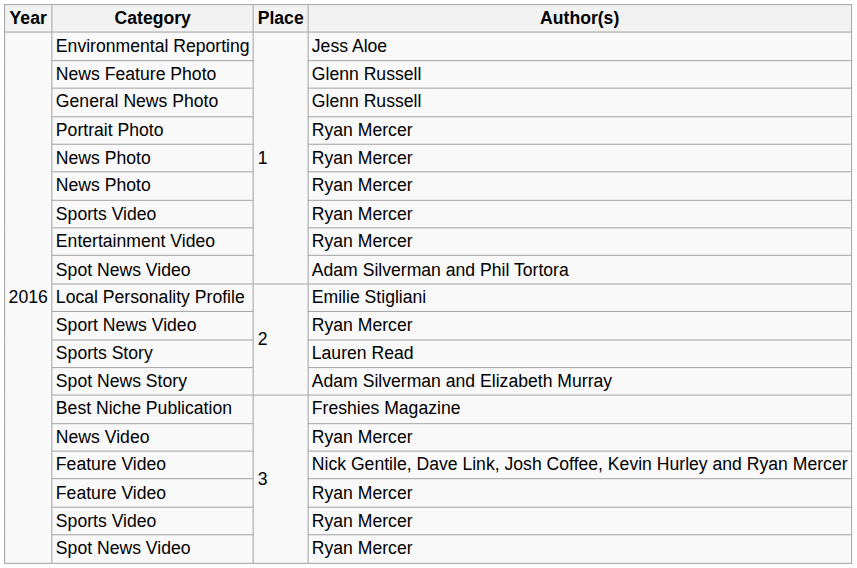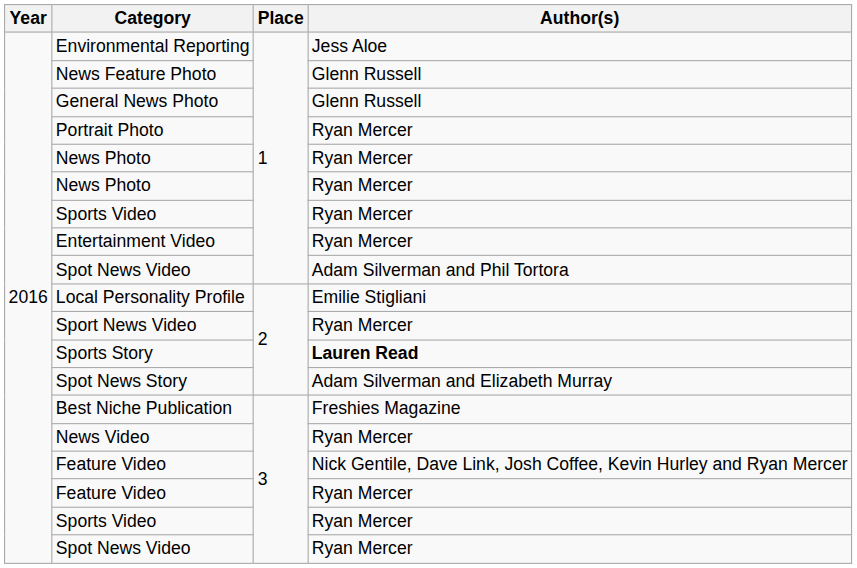 <table class="wikitable sortable">
 <tr>
 <th>Year</th>
 <th>Category</th>
 <th>Place</th>
 <th>Author(s)</th>
 </tr>
 <tr>
 <td rowspan="19">2016</td>
 <td>Environmental Reporting</td>
 <td rowspan="9">1</td>
 <td>Jess Aloe</td>
 </tr>
 <tr>
 <td>News Feature Photo</td>
 <td>Glenn Russell</td>
 </tr>
 <tr>
 <td>General News Photo</td>
 <td>Glenn Russell</td>
 </tr>
 <tr>
 <td>Portrait Photo</td>
 <td>Ryan Mercer</td>
 </tr>
 <tr>
 <td>News Photo</td>
 <td>Ryan Mercer</td>
 </tr>
 <tr>
 <td>News Photo</td>
 <td>Ryan Mercer</td>
 </tr>
 <tr>
 <td>Sports Video</td>
 <td>Ryan Mercer</td>
 </tr>
 <tr>
 <td>Entertainment Video</td>
 <td>Ryan Mercer</td>
 </tr>
 <tr>
 <td>Spot News Video</td>
 <td>Adam Silverman and Phil Tortora</td>
 </tr>
 <tr>
 <td>Local Personality Profile</td>
 <td rowspan="4">2</td>
 <td>Emilie Stigliani</td>
 </tr>
 <tr>
 <td>Sport News Video</td>
 <td>Ryan Mercer</td>
 </tr>
 <tr>
 <td>Sports Story</td>
-<td>Lauren Read</td>
+<td><strong>Lauren Read</strong></td>
 </tr>
 <tr>
 <td>Spot News Story</td>
 <td>Adam Silverman and Elizabeth Murray</td>
 </tr>
 <tr>
 <td>Best Niche Publication</td>
 <td rowspan="6">3</td>
 <td>Freshies Magazine</td>
 </tr>
 <tr>
 <td>News Video</td>
 <td>Ryan Mercer</td>
 </tr>
 <tr>
 <td>Feature Video</td>
 <td>Nick Gentile, Dave Link, Josh Coffee, Kevin Hurley and Ryan Mercer</td>
 </tr>
 <tr>
 <td>Feature Video</td>
 <td>Ryan Mercer</td>
 </tr>
 <tr>
 <td>Sports Video</td>
 <td>Ryan Mercer</td>
 </tr>
 <tr>
 <td>Spot News Video</td>
 <td>Ryan Mercer</td>
 </tr>
 </table>
